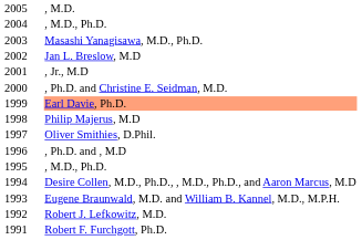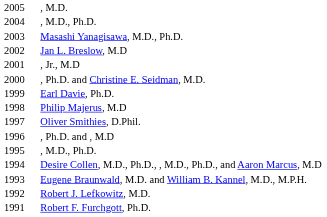 <table>
 <tr>
 <td>2005</td>
 <td>, M.D.</td>
 </tr>
 <tr>
 <td>2004</td>
 <td>, M.D., Ph.D.</td>
 </tr>
 <tr>
 <td>2003</td>
 <td><a href='#'>Masashi Yanagisawa</a>, M.D., Ph.D.</td>
 </tr>
 <tr>
 <td>2002</td>
 <td><a href='#'>Jan L. Breslow</a>, M.D</td>
 </tr>
 <tr>
 <td>2001</td>
 <td>, Jr., M.D</td>
 </tr>
 <tr>
 <td>2000</td>
 <td>, Ph.D. and <a href='#'>Christine E. Seidman</a>, M.D.</td>
 </tr>
 <tr>
 <td>1999</td>
-<td style="background: lightsalmon;"><a href='#'>Earl Davie</a>, Ph.D.</td>
+<td><a href='#'>Earl Davie</a>, Ph.D.</td>
 </tr>
 <tr>
 <td>1998</td>
 <td><a href='#'>Philip Majerus</a>, M.D</td>
 </tr>
 <tr>
 <td>1997</td>
 <td><a href='#'>Oliver Smithies</a>, D.Phil.</td>
 </tr>
 <tr>
 <td>1996</td>
 <td>, Ph.D. and , M.D</td>
 </tr>
 <tr>
 <td>1995</td>
 <td>, M.D., Ph.D.</td>
 </tr>
 <tr>
 <td valign="top">1994</td>
 <td><a href='#'>Desire Collen</a>, M.D., Ph.D., , M.D., Ph.D., and <a href='#'>Aaron Marcus</a>, M.D</td>
 </tr>
 <tr>
 <td>1993</td>
 <td><a href='#'>Eugene Braunwald</a>, M.D. and <a href='#'>William B. Kannel</a>, M.D., M.P.H.</td>
 </tr>
 <tr>
 <td>1992</td>
 <td><a href='#'>Robert J. Lefkowitz</a>, M.D.</td>
 </tr>
 <tr>
 <td>1991     </td>
 <td valign="top"><a href='#'>Robert F. Furchgott</a>, Ph.D.</td>
 </tr>
 </table>
